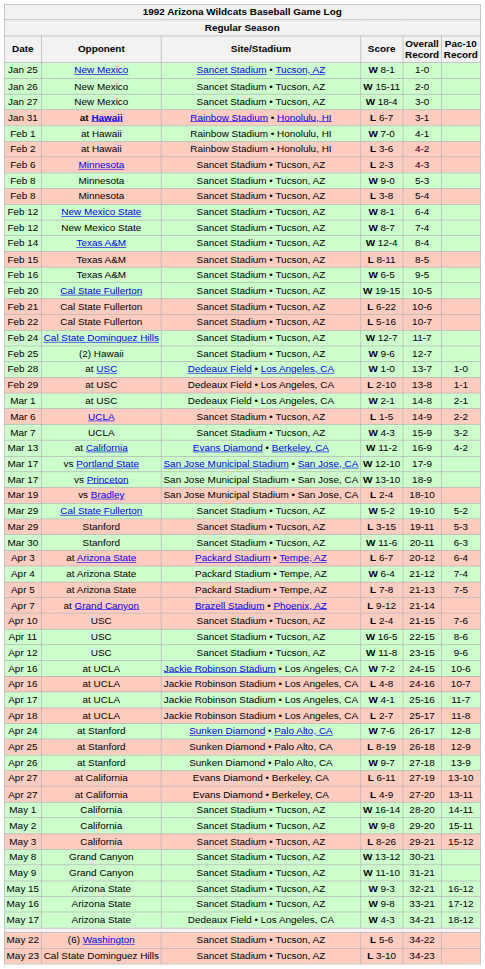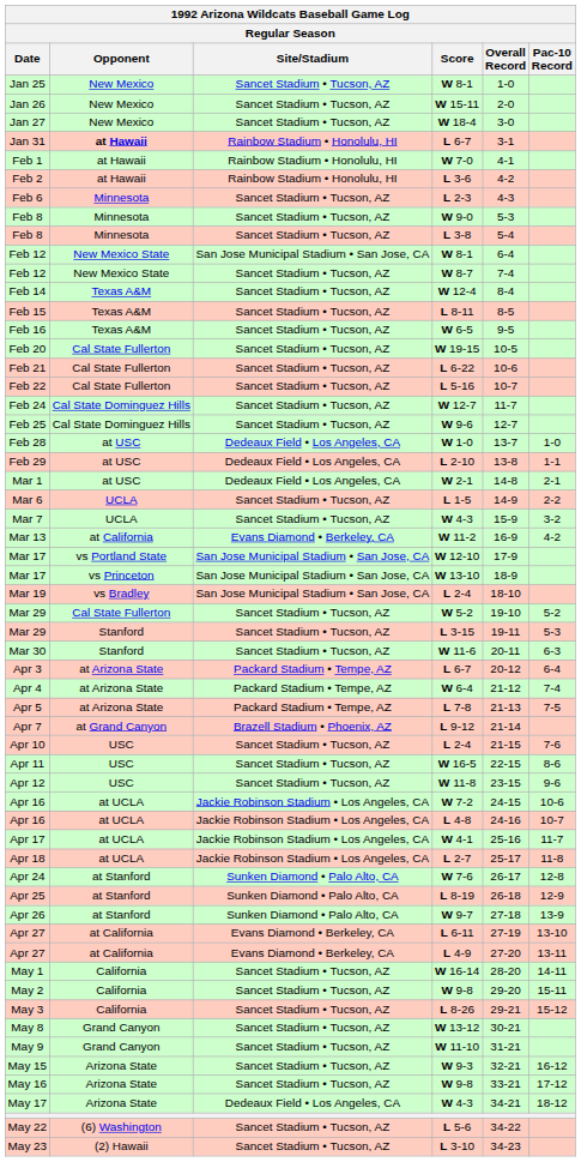 <table class="wikitable">
 <tr>
 <th colspan="6">1992 Arizona Wildcats Baseball Game Log</th>
 </tr>
 <tr>
 <th colspan="6">Regular Season</th>
 </tr>
 <tr>
 <th>Date</th>
 <th>Opponent</th>
 <th>Site/Stadium</th>
 <th>Score</th>
 <th>Overall<br>Record</th>
 <th>Pac-10<br>Record</th>
 </tr>
 <tr bgcolor="ccffcc" align="center">
 <td>Jan 25</td>
 <td><a href='#'>New Mexico</a></td>
 <td><a href='#'>Sancet Stadium</a> • <a href='#'>Tucson, AZ</a></td>
 <td><strong>W</strong> 8-1</td>
 <td>1-0</td>
 <td></td>
 </tr>
 <tr bgcolor="ccffcc" align="center">
 <td>Jan 26</td>
 <td>New Mexico</td>
 <td>Sancet Stadium • Tucson, AZ</td>
 <td><strong>W</strong> 15-11</td>
 <td>2-0</td>
 <td></td>
 </tr>
 <tr bgcolor="ccffcc" align="center">
 <td>Jan 27</td>
 <td>New Mexico</td>
 <td>Sancet Stadium • Tucson, AZ</td>
 <td><strong>W</strong> 18-4</td>
 <td>3-0</td>
 <td></td>
 </tr>
 <tr bgcolor="ffccc" align="center">
 <td>Jan 31</td>
 <td><strong>at <a href='#'>Hawaii</a></strong></td>
 <td><a href='#'>Rainbow Stadium</a> • <a href='#'>Honolulu, HI</a></td>
 <td><strong>L</strong> 6-7</td>
 <td>3-1</td>
 <td></td>
 </tr>
 <tr bgcolor="ccffcc" align="center">
 <td>Feb 1</td>
 <td>at Hawaii</td>
 <td>Rainbow Stadium • Honolulu, HI</td>
 <td><strong>W</strong> 7-0</td>
 <td>4-1</td>
 <td></td>
 </tr>
 <tr bgcolor="ffccc" align="center">
 <td>Feb 2</td>
 <td>at Hawaii</td>
 <td>Rainbow Stadium • Honolulu, HI</td>
 <td><strong>L</strong> 3-6</td>
 <td>4-2</td>
 <td></td>
 </tr>
 <tr bgcolor="ffccc" align="center">
 <td>Feb 6</td>
 <td><a href='#'>Minnesota</a></td>
 <td>Sancet Stadium • Tucson, AZ</td>
 <td><strong>L</strong> 2-3</td>
 <td>4-3</td>
 <td></td>
 </tr>
 <tr bgcolor="ccffcc" align="center">
 <td>Feb 8</td>
 <td>Minnesota</td>
 <td>Sancet Stadium • Tucson, AZ</td>
 <td><strong>W</strong> 9-0</td>
 <td>5-3</td>
 <td></td>
 </tr>
 <tr bgcolor="ffccc" align="center">
 <td>Feb 8</td>
 <td>Minnesota</td>
 <td>Sancet Stadium • Tucson, AZ</td>
 <td><strong>L</strong> 3-8</td>
 <td>5-4</td>
 <td></td>
 </tr>
 <tr bgcolor="ccffcc" align="center">
 <td>Feb 12</td>
 <td><a href='#'>New Mexico State</a></td>
-<td>Sancet Stadium • Tucson, AZ</td>
+<td>San Jose Municipal Stadium • San Jose, CA</td>
 <td><strong>W</strong> 8-1</td>
 <td>6-4</td>
 <td></td>
 </tr>
 <tr bgcolor="ccffcc" align="center">
 <td>Feb 12</td>
 <td>New Mexico State</td>
 <td>Sancet Stadium • Tucson, AZ</td>
 <td><strong>W</strong> 8-7</td>
 <td>7-4</td>
 <td></td>
 </tr>
 <tr bgcolor="ccffcc" align="center">
 <td>Feb 14</td>
 <td><a href='#'>Texas A&M</a></td>
 <td>Sancet Stadium • Tucson, AZ</td>
 <td><strong>W</strong> 12-4</td>
 <td>8-4</td>
 <td></td>
 </tr>
 <tr bgcolor="ffccc" align="center">
 <td>Feb 15</td>
 <td>Texas A&M</td>
 <td>Sancet Stadium • Tucson, AZ</td>
 <td><strong>L</strong> 8-11</td>
 <td>8-5</td>
 <td></td>
 </tr>
 <tr bgcolor="ccffcc" align="center">
 <td>Feb 16</td>
 <td>Texas A&M</td>
 <td>Sancet Stadium • Tucson, AZ</td>
 <td><strong>W</strong> 6-5</td>
 <td>9-5</td>
 <td></td>
 </tr>
 <tr bgcolor="ccffcc" align="center">
 <td>Feb 20</td>
 <td><a href='#'>Cal State Fullerton</a></td>
 <td>Sancet Stadium • Tucson, AZ</td>
 <td><strong>W</strong> 19-15</td>
 <td>10-5</td>
 <td></td>
 </tr>
 <tr bgcolor="ffccc" align="center">
 <td>Feb 21</td>
 <td>Cal State Fullerton</td>
 <td>Sancet Stadium • Tucson, AZ</td>
 <td><strong>L</strong> 6-22</td>
 <td>10-6</td>
 <td></td>
 </tr>
 <tr bgcolor="ffccc" align="center">
 <td>Feb 22</td>
 <td>Cal State Fullerton</td>
 <td>Sancet Stadium • Tucson, AZ</td>
 <td><strong>L</strong> 5-16</td>
 <td>10-7</td>
 <td></td>
 </tr>
 <tr bgcolor="ccffcc" align="center">
 <td>Feb 24</td>
 <td><a href='#'>Cal State Dominguez Hills</a></td>
 <td>Sancet Stadium • Tucson, AZ</td>
 <td><strong>W</strong> 12-7</td>
 <td>11-7</td>
 <td></td>
 </tr>
 <tr bgcolor="ccffcc" align="center">
 <td>Feb 25</td>
-<td>(2) Hawaii</td>
+<td>Cal State Dominguez Hills</td>
 <td>Sancet Stadium • Tucson, AZ</td>
 <td><strong>W</strong> 9-6</td>
 <td>12-7</td>
 <td></td>
 </tr>
 <tr bgcolor="ccffcc" align="center">
 <td>Feb 28</td>
 <td>at <a href='#'>USC</a></td>
 <td><a href='#'>Dedeaux Field</a> • <a href='#'>Los Angeles, CA</a></td>
 <td><strong>W</strong> 1-0</td>
 <td>13-7</td>
 <td>1-0</td>
 </tr>
 <tr bgcolor="ffccc" align="center">
 <td>Feb 29</td>
 <td>at USC</td>
 <td>Dedeaux Field • Los Angeles, CA</td>
 <td><strong>L</strong> 2-10</td>
 <td>13-8</td>
 <td>1-1</td>
 </tr>
 <tr bgcolor="ccffcc" align="center">
 <td>Mar 1</td>
 <td>at USC</td>
 <td>Dedeaux Field • Los Angeles, CA</td>
 <td><strong>W</strong> 2-1</td>
 <td>14-8</td>
 <td>2-1</td>
 </tr>
 <tr bgcolor="ffccc" align="center">
 <td>Mar 6</td>
 <td><a href='#'>UCLA</a></td>
 <td>Sancet Stadium • Tucson, AZ</td>
 <td><strong>L</strong> 1-5</td>
 <td>14-9</td>
 <td>2-2</td>
 </tr>
 <tr bgcolor="ccffcc" align="center">
 <td>Mar 7</td>
 <td>UCLA</td>
 <td>Sancet Stadium • Tucson, AZ</td>
 <td><strong>W</strong> 4-3</td>
 <td>15-9</td>
 <td>3-2</td>
 </tr>
 <tr bgcolor="ccffcc" align="center">
 <td>Mar 13</td>
 <td>at <a href='#'>California</a></td>
 <td><a href='#'>Evans Diamond</a> • <a href='#'>Berkeley, CA</a></td>
 <td><strong>W</strong> 11-2</td>
 <td>16-9</td>
 <td>4-2</td>
 </tr>
 <tr bgcolor="ccffcc" align="center">
 <td>Mar 17</td>
 <td>vs <a href='#'>Portland State</a></td>
 <td><a href='#'>San Jose Municipal Stadium</a> • <a href='#'>San Jose, CA</a></td>
 <td><strong>W</strong> 12-10</td>
 <td>17-9</td>
 <td></td>
 </tr>
 <tr bgcolor="ccffcc" align="center">
 <td>Mar 17</td>
 <td>vs <a href='#'>Princeton</a></td>
 <td>San Jose Municipal Stadium • San Jose, CA</td>
 <td><strong>W</strong> 13-10</td>
 <td>18-9</td>
 <td></td>
 </tr>
 <tr bgcolor="ffccc" align="center">
 <td>Mar 19</td>
 <td>vs <a href='#'>Bradley</a></td>
 <td>San Jose Municipal Stadium • San Jose, CA</td>
 <td><strong>L</strong> 2-4</td>
 <td>18-10</td>
 <td></td>
 </tr>
 <tr bgcolor="ccffcc" align="center">
 <td>Mar 29</td>
 <td><a href='#'>Cal State Fullerton</a></td>
 <td>Sancet Stadium • Tucson, AZ</td>
 <td><strong>W</strong> 5-2</td>
 <td>19-10</td>
 <td>5-2</td>
 </tr>
 <tr bgcolor="ffccc" align="center">
 <td>Mar 29</td>
 <td>Stanford</td>
 <td>Sancet Stadium • Tucson, AZ</td>
 <td><strong>L</strong> 3-15</td>
 <td>19-11</td>
 <td>5-3</td>
 </tr>
 <tr bgcolor="ccffcc" align="center">
 <td>Mar 30</td>
 <td>Stanford</td>
 <td>Sancet Stadium • Tucson, AZ</td>
 <td><strong>W</strong> 11-6</td>
 <td>20-11</td>
 <td>6-3</td>
 </tr>
 <tr bgcolor="ffccc" align="center">
 <td>Apr 3</td>
 <td>at <a href='#'>Arizona State</a></td>
 <td><a href='#'>Packard Stadium</a> • <a href='#'>Tempe, AZ</a></td>
 <td><strong>L</strong> 6-7</td>
 <td>20-12</td>
 <td>6-4</td>
 </tr>
 <tr bgcolor="ccffcc" align="center">
 <td>Apr 4</td>
 <td>at Arizona State</td>
 <td>Packard Stadium • Tempe, AZ</td>
 <td><strong>W</strong> 6-4</td>
 <td>21-12</td>
 <td>7-4</td>
 </tr>
 <tr bgcolor="ffccc" align="center">
 <td>Apr 5</td>
 <td>at Arizona State</td>
 <td>Packard Stadium • Tempe, AZ</td>
 <td><strong>L</strong> 7-8</td>
 <td>21-13</td>
 <td>7-5</td>
 </tr>
 <tr bgcolor="ffccc" align="center">
 <td>Apr 7</td>
 <td>at <a href='#'>Grand Canyon</a></td>
 <td><a href='#'>Brazell Stadium</a> • <a href='#'>Phoenix, AZ</a></td>
 <td><strong>L</strong> 9-12</td>
 <td>21-14</td>
 <td></td>
 </tr>
 <tr bgcolor="ffccc" align="center">
 <td>Apr 10</td>
 <td>USC</td>
 <td>Sancet Stadium • Tucson, AZ</td>
 <td><strong>L</strong> 2-4</td>
 <td>21-15</td>
 <td>7-6</td>
 </tr>
 <tr bgcolor="ccffcc" align="center">
 <td>Apr 11</td>
 <td>USC</td>
 <td>Sancet Stadium • Tucson, AZ</td>
 <td><strong>W</strong> 16-5</td>
 <td>22-15</td>
 <td>8-6</td>
 </tr>
 <tr bgcolor="ccffcc" align="center">
 <td>Apr 12</td>
 <td>USC</td>
 <td>Sancet Stadium • Tucson, AZ</td>
 <td><strong>W</strong> 11-8</td>
 <td>23-15</td>
 <td>9-6</td>
 </tr>
 <tr bgcolor="ccffcc" align="center">
 <td>Apr 16</td>
 <td>at UCLA</td>
 <td><a href='#'>Jackie Robinson Stadium</a> • Los Angeles, CA</td>
 <td><strong>W</strong> 7-2</td>
 <td>24-15</td>
 <td>10-6</td>
 </tr>
 <tr bgcolor="ffccc" align="center">
 <td>Apr 16</td>
 <td>at UCLA</td>
 <td>Jackie Robinson Stadium • Los Angeles, CA</td>
 <td><strong>L</strong> 4-8</td>
 <td>24-16</td>
 <td>10-7</td>
 </tr>
 <tr bgcolor="ccffcc" align="center">
 <td>Apr 17</td>
 <td>at UCLA</td>
 <td>Jackie Robinson Stadium • Los Angeles, CA</td>
 <td><strong>W</strong> 4-1</td>
 <td>25-16</td>
 <td>11-7</td>
 </tr>
 <tr bgcolor="ffccc" align="center">
 <td>Apr 18</td>
 <td>at UCLA</td>
 <td>Jackie Robinson Stadium • Los Angeles, CA</td>
 <td><strong>L</strong> 2-7</td>
 <td>25-17</td>
 <td>11-8</td>
 </tr>
 <tr bgcolor="ccffcc" align="center">
 <td>Apr 24</td>
 <td>at Stanford</td>
 <td><a href='#'>Sunken Diamond</a> • <a href='#'>Palo Alto, CA</a></td>
 <td><strong>W</strong> 7-6</td>
 <td>26-17</td>
 <td>12-8</td>
 </tr>
 <tr bgcolor="ffccc" align="center">
 <td>Apr 25</td>
 <td>at Stanford</td>
 <td>Sunken Diamond • Palo Alto, CA</td>
 <td><strong>L</strong> 8-19</td>
 <td>26-18</td>
 <td>12-9</td>
 </tr>
 <tr bgcolor="ccffcc" align="center">
 <td>Apr 26</td>
 <td>at Stanford</td>
 <td>Sunken Diamond • Palo Alto, CA</td>
 <td><strong>W</strong> 9-7</td>
 <td>27-18</td>
 <td>13-9</td>
 </tr>
 <tr bgcolor="ffccc" align="center">
 <td>Apr 27</td>
 <td>at California</td>
 <td>Evans Diamond • Berkeley, CA</td>
 <td><strong>L</strong> 6-11</td>
 <td>27-19</td>
 <td>13-10</td>
 </tr>
 <tr bgcolor="ffccc" align="center">
 <td>Apr 27</td>
 <td>at California</td>
 <td>Evans Diamond • Berkeley, CA</td>
 <td><strong>L</strong> 4-9</td>
 <td>27-20</td>
 <td>13-11</td>
 </tr>
 <tr bgcolor="ccffcc" align="center">
 <td>May 1</td>
 <td>California</td>
 <td>Sancet Stadium • Tucson, AZ</td>
 <td><strong>W</strong> 16-14</td>
 <td>28-20</td>
 <td>14-11</td>
 </tr>
 <tr bgcolor="ccffcc" align="center">
 <td>May 2</td>
 <td>California</td>
 <td>Sancet Stadium • Tucson, AZ</td>
 <td><strong>W</strong> 9-8</td>
 <td>29-20</td>
 <td>15-11</td>
 </tr>
 <tr bgcolor="ffccc" align="center">
 <td>May 3</td>
 <td>California</td>
 <td>Sancet Stadium • Tucson, AZ</td>
 <td><strong>L</strong> 8-26</td>
 <td>29-21</td>
 <td>15-12</td>
 </tr>
 <tr bgcolor="ccffcc" align="center">
 <td>May 8</td>
 <td>Grand Canyon</td>
 <td>Sancet Stadium • Tucson, AZ</td>
 <td><strong>W</strong> 13-12</td>
 <td>30-21</td>
 <td></td>
 </tr>
 <tr bgcolor="ccffcc" align="center">
 <td>May 9</td>
 <td>Grand Canyon</td>
 <td>Sancet Stadium • Tucson, AZ</td>
 <td><strong>W</strong> 11-10</td>
 <td>31-21</td>
 <td></td>
 </tr>
 <tr bgcolor="ccffcc" align="center">
 <td>May 15</td>
 <td>Arizona State</td>
 <td>Sancet Stadium • Tucson, AZ</td>
 <td><strong>W</strong> 9-3</td>
 <td>32-21</td>
 <td>16-12</td>
 </tr>
 <tr bgcolor="ccffcc" align="center">
 <td>May 16</td>
 <td>Arizona State</td>
 <td>Sancet Stadium • Tucson, AZ</td>
 <td><strong>W</strong> 9-8</td>
 <td>33-21</td>
 <td>17-12</td>
 </tr>
 <tr bgcolor="ccffcc" align="center">
 <td>May 17</td>
 <td>Arizona State</td>
 <td>Dedeaux Field • Los Angeles, CA</td>
 <td><strong>W</strong> 4-3</td>
 <td>34-21</td>
 <td>18-12</td>
 </tr>
 <tr>
 <th colspan="8"><a href='#'></a></th>
 </tr>
 <tr bgcolor="ffccc" align="center">
 <td>May 22</td>
 <td>(6) <a href='#'>Washington</a></td>
 <td>Sancet Stadium • Tucson, AZ</td>
 <td><strong>L</strong> 5-6</td>
 <td>34-22</td>
 <td></td>
 </tr>
 <tr bgcolor="ffccc" align="center">
 <td>May 23</td>
-<td>Cal State Dominguez Hills</td>
+<td>(2) Hawaii</td>
 <td>Sancet Stadium • Tucson, AZ</td>
 <td><strong>L</strong> 3-10</td>
 <td>34-23</td>
 <td></td>
 </tr>
 </table>
